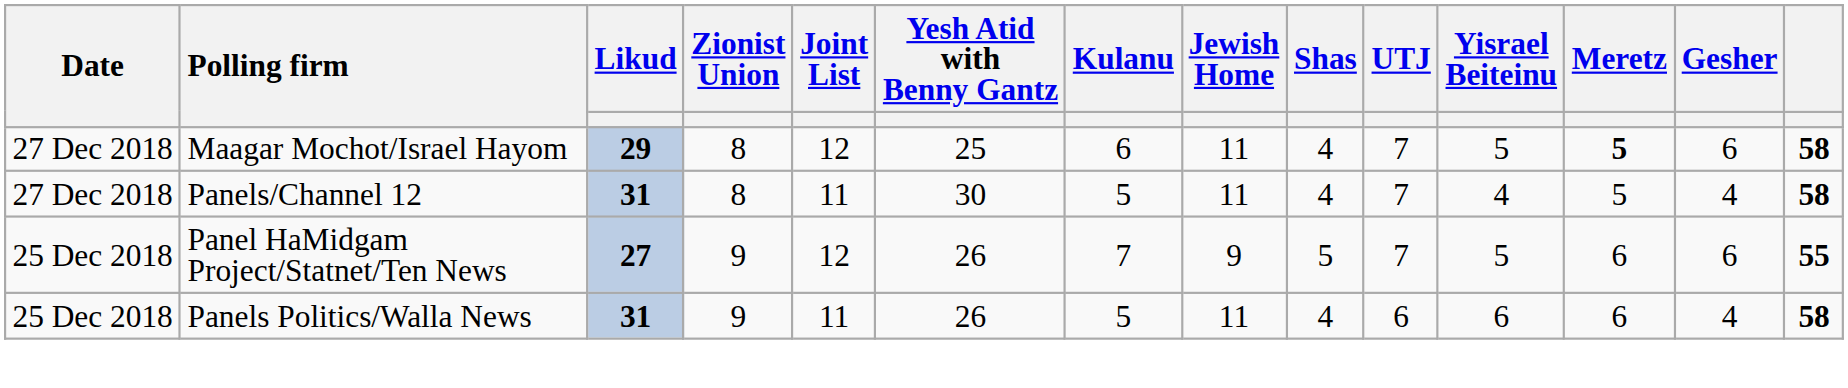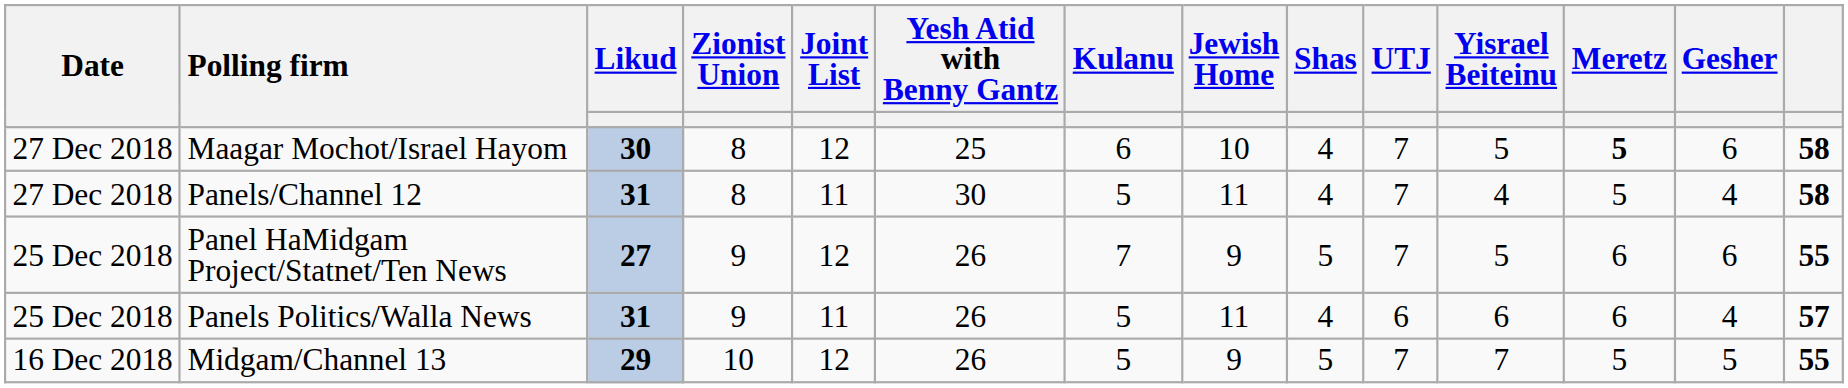 <table class="wikitable" style="text-align:center; font-size:90%; line-height:14px;">
 <tr>
 <th rowspan="2">Date</th>
 <th style="width:180px;text-align:left;" rowspan="2">Polling firm</th>
 <th><a href='#'>Likud</a></th>
 <th><a href='#'>Zionist<br>Union</a></th>
 <th><a href='#'>Joint<br>List</a></th>
 <th><a href='#'>Yesh Atid</a><br>with<br><a href='#'>Benny Gantz</a></th>
 <th><a href='#'>Kulanu</a></th>
 <th><a href='#'>Jewish<br>Home</a></th>
 <th><a href='#'>Shas</a></th>
 <th><a href='#'>UTJ</a></th>
 <th><a href='#'>Yisrael<br>Beiteinu</a></th>
 <th><a href='#'>Meretz</a></th>
 <th><a href='#'>Gesher</a></th>
 <th style="width:20px;"></th>
 </tr>
 <tr>
 <th style="color:inherit;background:"></th>
 <th style="color:inherit;background:"></th>
 <th style="color:inherit;background:"></th>
 <th style="color:inherit;background:"></th>
 <th style="color:inherit;background:"></th>
 <th style="color:inherit;background:"></th>
 <th style="color:inherit;background:"></th>
 <th style="color:inherit;background:"></th>
 <th style="color:inherit;background:"></th>
 <th style="color:inherit;background:"></th>
 <th style="color:inherit;background:"></th>
 <th style="color:inherit;background:"></th>
 </tr>
 <tr>
 <td>27 Dec 2018</td>
 <td style="text-align:left;">Maagar Mochot/Israel Hayom</td>
-<td style="background:#BBCDE4"><strong>29</strong>	</td>
+<td style="background:#BBCDE4"><strong>30</strong>	</td>
 <td>8					</td>
 <td>12					</td>
 <td>25					</td>
 <td>6					</td>
-<td>11					</td>
+<td>10					</td>
 <td>4					</td>
 <td>7					</td>
 <td>5					</td>
 <td><strong>5					</strong></td>
 <td>6					</td>
 <td><strong>58</strong>				</td>
 </tr>
 <tr>
 <td>27 Dec 2018</td>
 <td style="text-align:left;">Panels/Channel 12</td>
 <td style="background:#BBCDE4"><strong>31</strong>	</td>
 <td>8					</td>
 <td>11					</td>
 <td>30					</td>
 <td>5					</td>
 <td>11					</td>
 <td>4					</td>
 <td>7					</td>
 <td>4					</td>
 <td>5					</td>
 <td>4					</td>
 <td><strong>58</strong>				</td>
 </tr>
 <tr>
 <td>25 Dec 2018</td>
 <td style="text-align:left;">Panel HaMidgam Project/Statnet/Ten News</td>
 <td style="background:#BBCDE4"><strong>27</strong>	</td>
 <td>9					</td>
 <td>12					</td>
 <td>26					</td>
 <td>7					</td>
 <td>9					</td>
 <td>5					</td>
 <td>7					</td>
 <td>5					</td>
 <td>6					</td>
 <td>6					</td>
 <td><strong>55</strong>				</td>
 </tr>
 <tr>
 <td>25 Dec 2018</td>
 <td style="text-align:left;">Panels Politics/Walla News</td>
 <td style="background:#BBCDE4"><strong>31</strong>	</td>
 <td>9					</td>
 <td>11					</td>
 <td>26					</td>
 <td>5					</td>
 <td>11					</td>
 <td>4					</td>
 <td>6					</td>
 <td>6					</td>
 <td>6					</td>
 <td>4					</td>
-<td><strong>58</strong>				</td>
+<td><strong>57</strong>				</td>
+</tr>
+<tr>
+<td>16 Dec 2018</td>
+<td style="text-align:left;">Midgam/Channel 13</td>
+<td style="background:#BBCDE4"><strong>29</strong>	</td>
+<td>10					</td>
+<td>12					</td>
+<td>26					</td>
+<td>5					</td>
+<td>9					</td>
+<td>5					</td>
+<td>7					</td>
+<td>7					</td>
+<td>5					</td>
+<td>5					</td>
+<td><strong>55</strong>				</td>
 </tr>
 </table>
